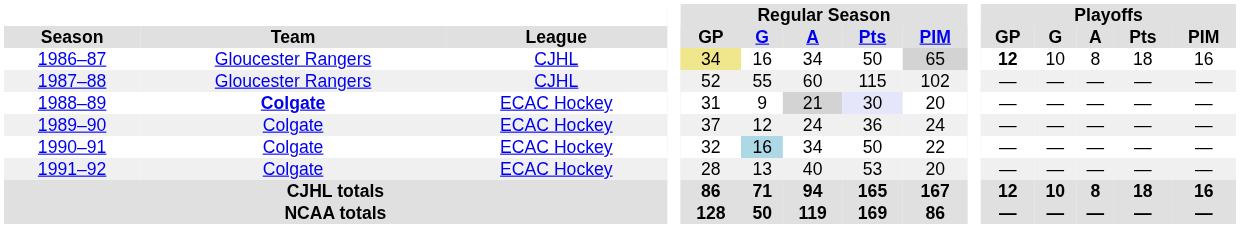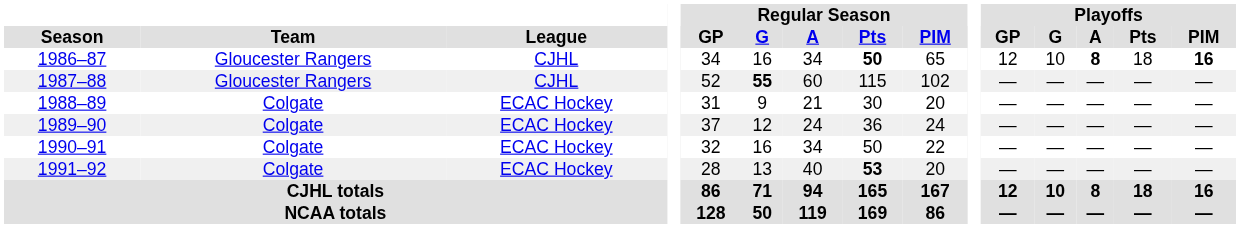 <table border="0" cellpadding="1" cellspacing="0" style="text-align:center; width:70em">
 <tr bgcolor="#e0e0e0">
 <th colspan="3"  bgcolor="#ffffff"> </th>
 <th rowspan="99" bgcolor="#ffffff"> </th>
 <th colspan="5">Regular Season</th>
 <th rowspan="99" bgcolor="#ffffff"> </th>
 <th colspan="5">Playoffs</th>
 </tr>
 <tr bgcolor="#e0e0e0">
 <th>Season</th>
 <th>Team</th>
 <th>League</th>
 <th>GP</th>
 <th><a href='#'>G</a></th>
 <th><a href='#'>A</a></th>
 <th><a href='#'>Pts</a></th>
 <th><a href='#'>PIM</a></th>
 <th>GP</th>
 <th>G</th>
 <th>A</th>
 <th>Pts</th>
 <th>PIM</th>
 </tr>
 <tr>
 <td><a href='#'>1986–87</a></td>
 <td><a href='#'>Gloucester Rangers</a></td>
 <td><a href='#'>CJHL</a></td>
-<td style="background: khaki;">34</td>
+<td>34</td>
 <td>16</td>
 <td>34</td>
-<td>50</td>
-<td style="background: lightgrey;">65</td>
-<td><strong>12</strong></td>
+<td><strong>50</strong></td>
+<td>65</td>
+<td>12</td>
 <td>10</td>
-<td>8</td>
+<td><strong>8</strong></td>
 <td>18</td>
-<td>16</td>
+<td><strong>16</strong></td>
 </tr>
 <tr bgcolor="f0f0f0">
 <td><a href='#'>1987–88</a></td>
 <td><a href='#'>Gloucester Rangers</a></td>
 <td><a href='#'>CJHL</a></td>
 <td>52</td>
-<td>55</td>
+<td><strong>55</strong></td>
 <td>60</td>
 <td>115</td>
 <td>102</td>
 <td>—</td>
 <td>—</td>
 <td>—</td>
 <td>—</td>
 <td>—</td>
 </tr>
 <tr>
 <td><a href='#'>1988–89</a></td>
-<td><strong><a href='#'>Colgate</a></strong></td>
+<td><a href='#'>Colgate</a></td>
 <td><a href='#'>ECAC Hockey</a></td>
 <td>31</td>
 <td>9</td>
-<td style="background: lightgrey;">21</td>
-<td style="background: lavender;">30</td>
+<td>21</td>
+<td>30</td>
 <td>20</td>
 <td>—</td>
 <td>—</td>
 <td>—</td>
 <td>—</td>
 <td>—</td>
 </tr>
 <tr bgcolor="f0f0f0">
 <td><a href='#'>1989–90</a></td>
 <td><a href='#'>Colgate</a></td>
 <td><a href='#'>ECAC Hockey</a></td>
 <td>37</td>
 <td>12</td>
 <td>24</td>
 <td>36</td>
 <td>24</td>
 <td>—</td>
 <td>—</td>
 <td>—</td>
 <td>—</td>
 <td>—</td>
 </tr>
 <tr>
 <td><a href='#'>1990–91</a></td>
 <td><a href='#'>Colgate</a></td>
 <td><a href='#'>ECAC Hockey</a></td>
 <td>32</td>
-<td style="background: lightblue;">16</td>
+<td>16</td>
 <td>34</td>
 <td>50</td>
 <td>22</td>
 <td>—</td>
 <td>—</td>
 <td>—</td>
 <td>—</td>
 <td>—</td>
 </tr>
 <tr bgcolor="f0f0f0">
 <td><a href='#'>1991–92</a></td>
 <td><a href='#'>Colgate</a></td>
 <td><a href='#'>ECAC Hockey</a></td>
 <td>28</td>
 <td>13</td>
 <td>40</td>
-<td>53</td>
+<td><strong>53</strong></td>
 <td>20</td>
 <td>—</td>
 <td>—</td>
 <td>—</td>
 <td>—</td>
 <td>—</td>
 </tr>
 <tr bgcolor="#e0e0e0">
 <th colspan="3">CJHL totals</th>
 <th>86</th>
 <th>71</th>
 <th>94</th>
 <th>165</th>
 <th>167</th>
 <th>12</th>
 <th>10</th>
 <th>8</th>
 <th>18</th>
 <th>16</th>
 </tr>
 <tr bgcolor="#e0e0e0">
 <th colspan="3">NCAA totals</th>
 <th>128</th>
 <th>50</th>
 <th>119</th>
 <th>169</th>
 <th>86</th>
 <th>—</th>
 <th>—</th>
 <th>—</th>
 <th>—</th>
 <th>—</th>
 </tr>
 </table>
